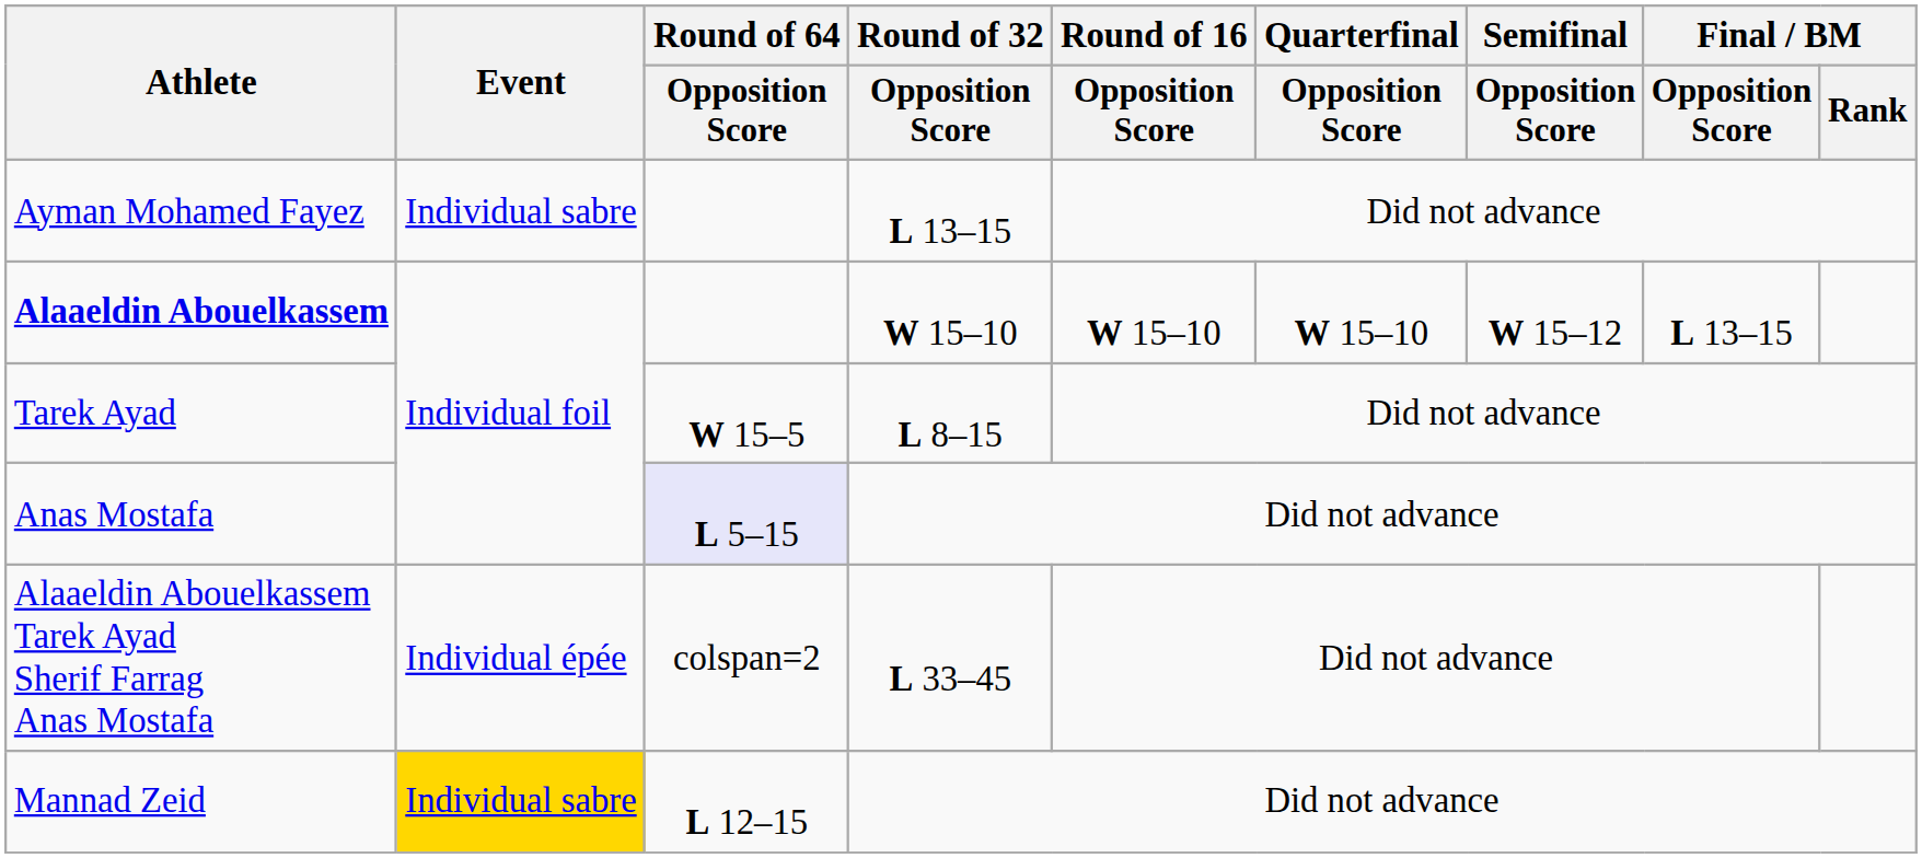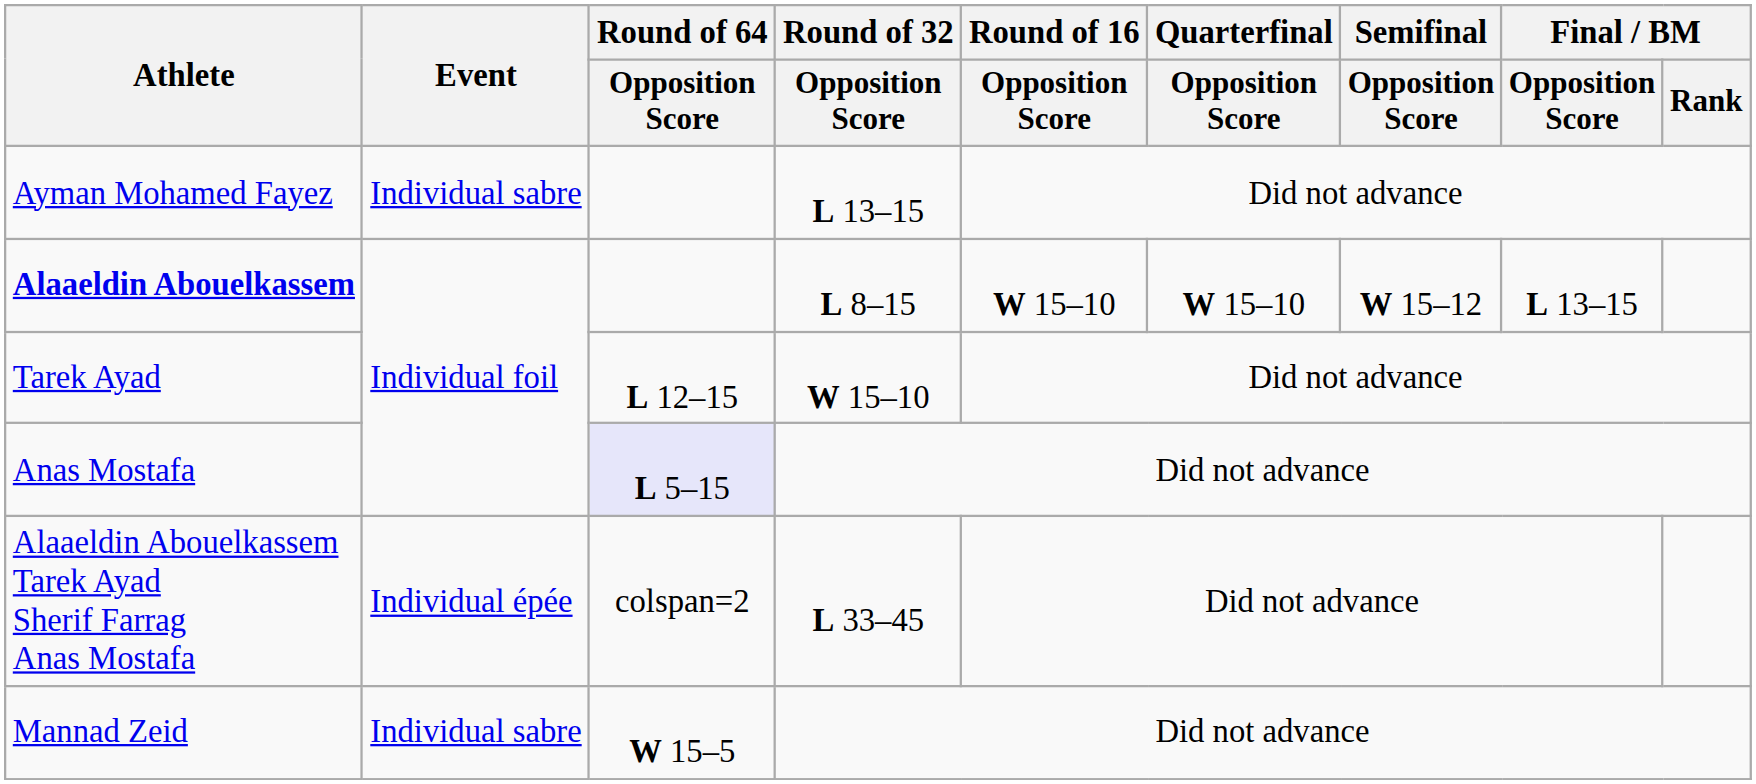 <table class="wikitable" style="font-size:90%">
 <tr>
 <th scope="col" rowspan=2>Athlete</th>
 <th scope="col" rowspan=2>Event</th>
 <th scope="col">Round of 64</th>
 <th scope="col">Round of 32</th>
 <th scope="col">Round of 16</th>
 <th scope="col">Quarterfinal</th>
 <th scope="col">Semifinal</th>
 <th scope="col" colspan=2>Final / BM</th>
 </tr>
 <tr style="font-size:95%">
 <th scope="col">Opposition <br> Score</th>
 <th scope="col">Opposition <br> Score</th>
 <th scope="col">Opposition <br> Score</th>
 <th scope="col">Opposition <br> Score</th>
 <th scope="col">Opposition <br> Score</th>
 <th scope="col">Opposition <br> Score</th>
 <th scope="col">Rank</th>
 </tr>
 <tr align=center>
 <td align=left><a href='#'>Ayman Mohamed Fayez</a></td>
 <td align=left><a href='#'>Individual sabre</a></td>
 <td></td>
 <td><br><strong>L</strong> 13–15</td>
 <td colspan=5>Did not advance</td>
 </tr>
 <tr align=center>
 <td align=left><strong><a href='#'>Alaaeldin Abouelkassem</a></strong></td>
 <td align=left rowspan=3><a href='#'>Individual foil</a></td>
 <td></td>
-<td><br><strong>W</strong> 15–10</td>
+<td><br><strong>L</strong> 8–15</td>
 <td><br><strong>W</strong> 15–10</td>
 <td><br><strong>W</strong> 15–10</td>
 <td><br><strong>W</strong> 15–12</td>
 <td><br><strong>L</strong> 13–15</td>
 <td></td>
 </tr>
 <tr align=center>
 <td align=left><a href='#'>Tarek Ayad</a></td>
-<td><br><strong>W</strong> 15–5</td>
-<td><br><strong>L</strong> 8–15</td>
+<td><br><strong>L</strong> 12–15</td>
+<td><br><strong>W</strong> 15–10</td>
 <td colspan=5>Did not advance</td>
 </tr>
 <tr align=center>
 <td align=left><a href='#'>Anas Mostafa</a></td>
 <td style="background: lavender;"><br><strong>L</strong> 5–15</td>
 <td colspan=6>Did not advance</td>
 </tr>
 <tr align=center>
 <td align=left><a href='#'>Alaaeldin Abouelkassem</a><br><a href='#'>Tarek Ayad</a><br><a href='#'>Sherif Farrag</a><br><a href='#'>Anas Mostafa</a></td>
 <td align=left><a href='#'>Individual épée</a></td>
 <td>colspan=2 </td>
 <td><br><strong>L</strong> 33–45</td>
 <td colspan=4>Did not advance</td>
 </tr>
 <tr align=center>
 <td align=left><a href='#'>Mannad Zeid</a></td>
-<td align=left style="background: gold;"><a href='#'>Individual sabre</a></td>
-<td><br><strong>L</strong> 12–15</td>
+<td align=left><a href='#'>Individual sabre</a></td>
+<td><br><strong>W</strong> 15–5</td>
 <td colspan=6>Did not advance</td>
 </tr>
 </table>
